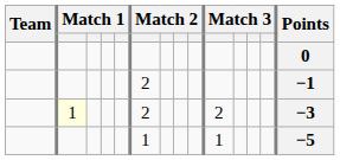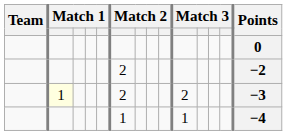 <table class="wikitable sortable" style="text-align:center;">
 <tr>
 <th rowspan=2>Team</th>
 <th colspan=4 style="border-left:3px solid gray">Match 1</th>
 <th colspan=4 style="border-left:3px solid gray">Match 2</th>
 <th colspan=4 style="border-left:3px solid gray">Match 3</th>
 <th rowspan=2 style="border-left:3px solid gray">Points</th>
 </tr>
 <tr>
 <th style="border-left:3px solid gray"></th>
 <th></th>
 <th></th>
 <th></th>
 <th style="border-left:3px solid gray"></th>
 <th></th>
 <th></th>
 <th></th>
 <th style="border-left:3px solid gray"></th>
 <th></th>
 <th></th>
 <th></th>
 </tr>
 <tr>
 <td align=left></td>
 <td style="border-left:3px solid gray"></td>
 <td></td>
 <td></td>
 <td></td>
 <td style="border-left:3px solid gray"></td>
 <td></td>
 <td></td>
 <td></td>
 <td style="border-left:3px solid gray"></td>
 <td></td>
 <td></td>
 <td></td>
 <th style="border-left:3px solid gray">0</th>
 </tr>
 <tr>
 <td align=left></td>
 <td style="border-left:3px solid gray"></td>
 <td></td>
 <td></td>
 <td></td>
 <td style="border-left:3px solid gray">2</td>
 <td></td>
 <td></td>
 <td></td>
 <td style="border-left:3px solid gray"></td>
 <td></td>
 <td></td>
 <td></td>
-<th style="border-left:3px solid gray">−1</th>
+<th style="border-left:3px solid gray">−2</th>
 </tr>
 <tr>
 <td align=left></td>
 <td style="background: lightyellow; border-left:3px solid gray">1</td>
 <td></td>
 <td></td>
 <td></td>
 <td style="border-left:3px solid gray">2</td>
 <td></td>
 <td></td>
 <td></td>
 <td style="border-left:3px solid gray">2</td>
 <td></td>
 <td></td>
 <td></td>
 <th style="border-left:3px solid gray">−3</th>
 </tr>
 <tr>
 <td align=left></td>
 <td style="border-left:3px solid gray"></td>
 <td></td>
 <td></td>
 <td></td>
 <td style="border-left:3px solid gray">1</td>
 <td></td>
 <td></td>
 <td></td>
 <td style="border-left:3px solid gray">1</td>
 <td></td>
 <td></td>
 <td></td>
-<th style="border-left:3px solid gray">−5</th>
+<th style="border-left:3px solid gray">−4</th>
 </tr>
 </table>
